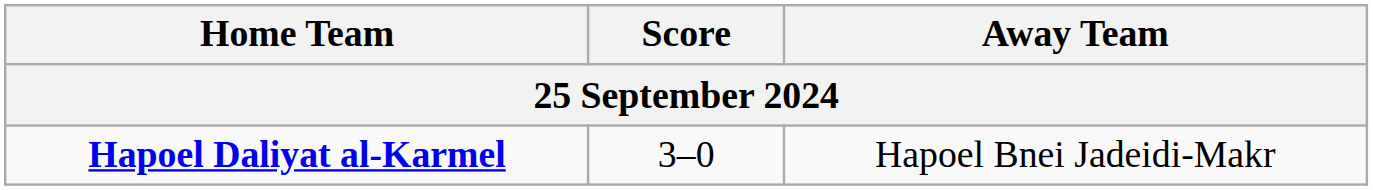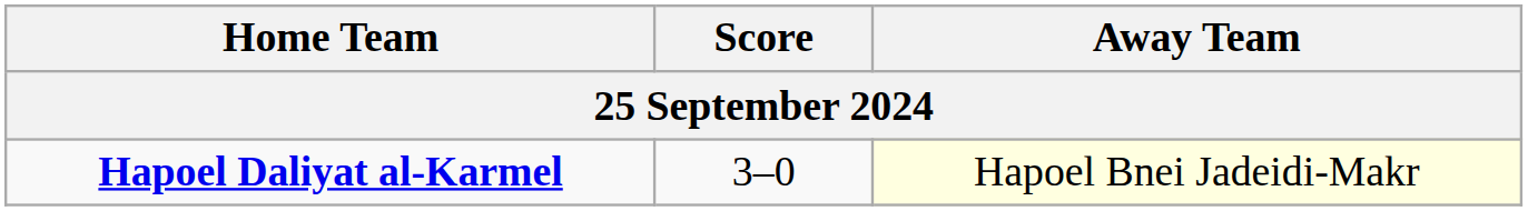 <table class="wikitable" style="text-align:center;">
 <tr>
 <th scope="col" width="240px">Home Team</th>
 <th scope="col" width="75px">Score</th>
 <th scope="col" width="240px">Away Team</th>
 </tr>
 <tr>
 <th colspan=3>25 September 2024</th>
 </tr>
 <tr>
 <td><strong><a href='#'>Hapoel Daliyat al-Karmel</a></strong></td>
 <td>3–0</td>
-<td>Hapoel Bnei Jadeidi-Makr</td>
+<td style="background: lightyellow;">Hapoel Bnei Jadeidi-Makr</td>
 </tr>
 </table>
